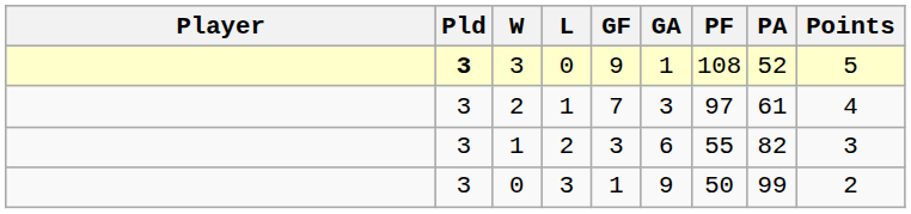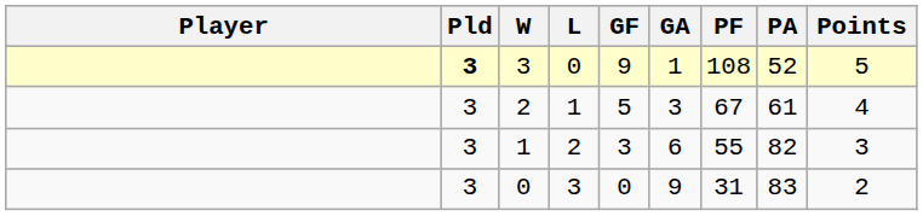 <table class=wikitable style="text-align:center;">
 <tr>
 <th width=220>Player</th>
 <th width=20>Pld</th>
 <th width=20>W</th>
 <th width=20>L</th>
 <th width=20>GF</th>
 <th width=20>GA</th>
 <th width=20>PF</th>
 <th width=20>PA</th>
 <th width=50>Points</th>
 </tr>
 <tr bgcolor=#ffffcc>
 <td style="text-align:left;"></td>
 <td><strong>3</strong></td>
 <td>3</td>
 <td>0</td>
 <td>9</td>
 <td>1</td>
 <td>108</td>
 <td>52</td>
 <td>5</td>
 </tr>
 <tr>
 <td style="text-align:left;"></td>
 <td>3</td>
 <td>2</td>
 <td>1</td>
-<td>7</td>
+<td>5</td>
 <td>3</td>
-<td>97</td>
+<td>67</td>
 <td>61</td>
 <td>4</td>
 </tr>
 <tr>
 <td style="text-align:left;"></td>
 <td>3</td>
 <td>1</td>
 <td>2</td>
 <td>3</td>
 <td>6</td>
 <td>55</td>
 <td>82</td>
 <td>3</td>
 </tr>
 <tr>
 <td style="text-align:left;"></td>
 <td>3</td>
 <td>0</td>
 <td>3</td>
-<td>1</td>
+<td>0</td>
 <td>9</td>
-<td>50</td>
-<td>99</td>
+<td>31</td>
+<td>83</td>
 <td>2</td>
 </tr>
 </table>
